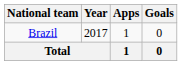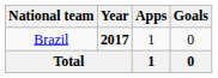 <table class="wikitable" style="text-align:center">
 <tr>
 <th>National team</th>
 <th>Year</th>
 <th>Apps</th>
 <th>Goals</th>
 </tr>
 <tr>
 <td><a href='#'>Brazil</a></td>
-<td>2017</td>
+<td><strong>2017</strong></td>
 <td>1</td>
 <td>0</td>
 </tr>
 <tr>
 <th colspan="2">Total</th>
 <th>1</th>
 <th>0</th>
 </tr>
 </table>
